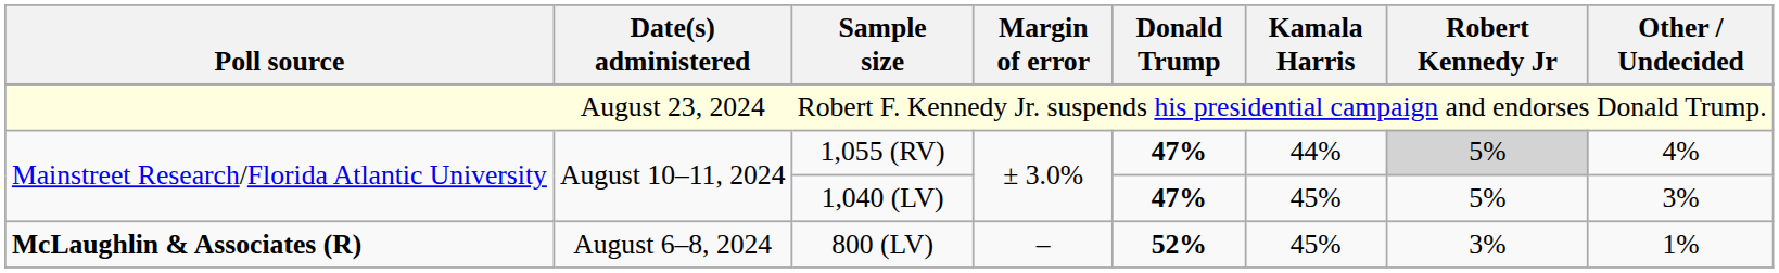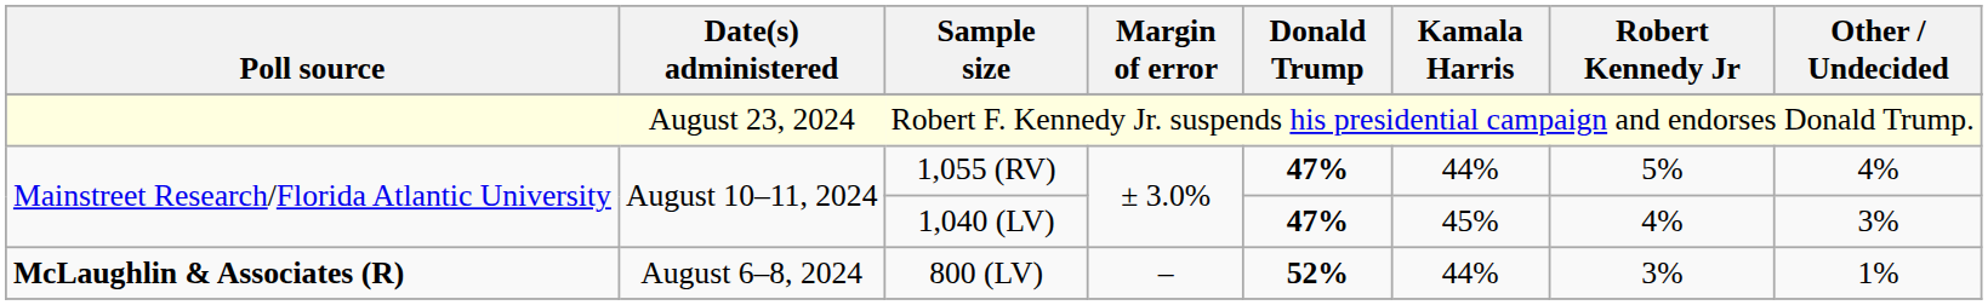 <table class="wikitable sortable mw-datatable" style="font-size:90%;text-align:center;line-height:17px">
 <tr valign=bottom>
 <th>Poll source</th>
 <th>Date(s)<br>administered</th>
 <th>Sample<br>size</th>
 <th>Margin<br>of error</th>
 <th class="unsortable">Donald<br>Trump<br></th>
 <th class="unsortable">Kamala<br>Harris<br></th>
 <th class="unsortable">Robert<br>Kennedy Jr<br></th>
 <th class="unsortable">Other /<br>Undecided</th>
 </tr>
 <tr>
 </tr>
 <tr style="background:lightyellow;">
 <td style="border-right-style:hidden; background:lightyellow;"></td>
 <td style="border-right-style:hidden; " data-sort-value="2024-07-21">August 23, 2024</td>
 <td colspan="6">Robert F. Kennedy Jr. suspends <a href='#'>his presidential campaign</a> and endorses Donald Trump.</td>
 </tr>
 <tr>
 <td style="text-align:left;" rowspan="2"><a href='#'>Mainstreet Research</a>/<a href='#'>Florida Atlantic University</a></td>
 <td rowspan="2">August 10–11, 2024</td>
 <td>1,055 (RV)</td>
 <td rowspan="2">± 3.0%</td>
 <td style="background-color:"><strong>47%</strong></td>
 <td>44%</td>
-<td style="background: lightgrey;">5%</td>
+<td>5%</td>
 <td>4%</td>
 </tr>
 <tr>
 <td>1,040 (LV)</td>
 <td style="background-color:"><strong>47%</strong></td>
 <td>45%</td>
-<td>5%</td>
+<td>4%</td>
 <td>3%</td>
 </tr>
 <tr>
 <td style="text-align:left;"><strong>McLaughlin & Associates (R)</strong></td>
 <td data-sort-value="2024-08-08">August 6–8, 2024</td>
 <td>800 (LV)</td>
 <td>–</td>
 <td style="background-color:"><strong>52%</strong></td>
-<td>45%</td>
+<td>44%</td>
 <td>3%</td>
 <td>1%</td>
 </tr>
 </table>
